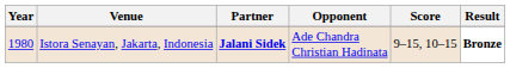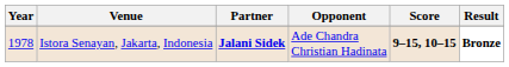 <table class="sortable wikitable" style="font-size: 90%;">
 <tr>
 <th>Year</th>
 <th>Venue</th>
 <th>Partner</th>
 <th>Opponent</th>
 <th>Score</th>
 <th>Result</th>
 </tr>
 <tr>
 </tr>
 <tr style="background:#F3E6D7">
-<td align="center"><a href='#'>1980</a></td>
+<td align="center"><a href='#'>1978</a></td>
 <td align="left"><a href='#'>Istora Senayan</a>, <a href='#'>Jakarta</a>, <a href='#'>Indonesia</a></td>
 <td align="left"><strong> <a href='#'>Jalani Sidek</a></strong></td>
 <td align="left"> <a href='#'>Ade Chandra</a><br> <a href='#'>Christian Hadinata</a></td>
-<td align="left">9–15, 10–15</td>
+<td align="left"><strong>9–15, 10–15</strong></td>
 <td style="text-align:left; background:white"> <strong>Bronze</strong></td>
 </tr>
 </table>
